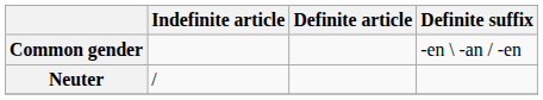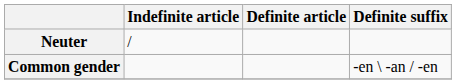 <table class="wikitable">
 <tr>
 <th></th>
 <th>Indefinite article</th>
 <th>Definite article</th>
 <th>Definite suffix</th>
 </tr>
 <tr>
+<th>Neuter</th>
+<td> / </td>
+<td></td>
+<td></td>
+</tr>
+<tr>
 <th>Common gender</th>
 <td></td>
 <td></td>
 <td>-en \ -an / -en</td>
 </tr>
 <tr>
-<th>Neuter</th>
-<td> / </td>
-<td></td>
-<td></td>
-</tr>
-<tr>
 </tr>
 </table>
